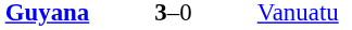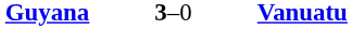 <table>
 <tr>
 <th width=200></th>
 <th width=100></th>
 <th width=200></th>
 </tr>
 <tr>
 <td align=right><strong><a href='#'>Guyana</a> </strong></td>
 <td align=center><strong>3</strong>–0</td>
-<td> <a href='#'>Vanuatu</a></td>
+<td><strong> <a href='#'>Vanuatu</a></strong></td>
 </tr>
 </table>
